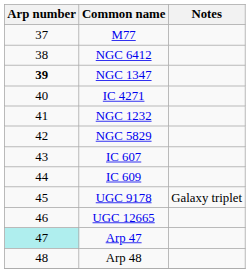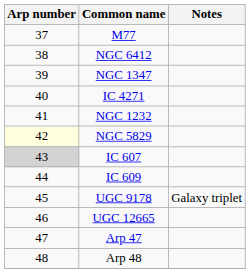 <table class="wikitable" style="text-align:center;">
 <tr>
 <th>Arp number</th>
 <th>Common name</th>
 <th>Notes</th>
 </tr>
 <tr>
 <td>37</td>
 <td><a href='#'>M77</a></td>
 <td></td>
 </tr>
 <tr>
 <td>38</td>
 <td><a href='#'>NGC 6412</a></td>
 <td></td>
 </tr>
 <tr>
-<td><strong>39</strong></td>
+<td>39</td>
 <td><a href='#'>NGC 1347</a></td>
 <td></td>
 </tr>
 <tr>
 <td>40</td>
 <td><a href='#'>IC 4271</a></td>
 <td></td>
 </tr>
 <tr>
 <td>41</td>
 <td><a href='#'>NGC 1232</a></td>
 <td></td>
 </tr>
 <tr>
-<td>42</td>
+<td style="background: lightyellow;">42</td>
 <td><a href='#'>NGC 5829</a></td>
 <td></td>
 </tr>
 <tr>
-<td>43</td>
+<td style="background: lightgrey;">43</td>
 <td><a href='#'>IC 607</a></td>
 <td></td>
 </tr>
 <tr>
 <td>44</td>
 <td><a href='#'>IC 609</a></td>
 <td></td>
 </tr>
 <tr>
 <td>45</td>
 <td><a href='#'>UGC 9178</a></td>
 <td>Galaxy triplet</td>
 </tr>
 <tr>
 <td>46</td>
 <td><a href='#'>UGC 12665</a></td>
 <td></td>
 </tr>
 <tr>
-<td style="background: paleturquoise;">47</td>
+<td>47</td>
 <td><a href='#'>Arp 47</a></td>
 <td></td>
 </tr>
 <tr>
 <td>48</td>
 <td>Arp 48</td>
 <td></td>
 </tr>
 <tr>
 </tr>
 </table>
